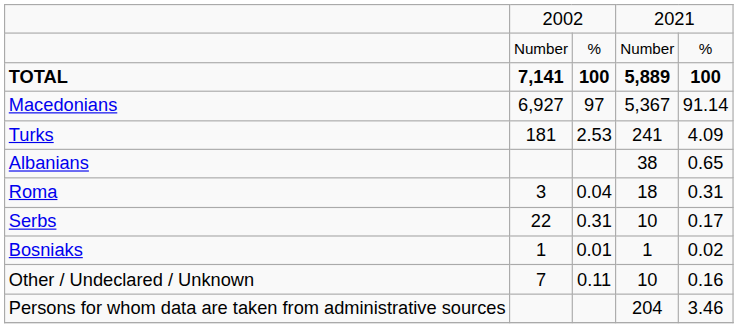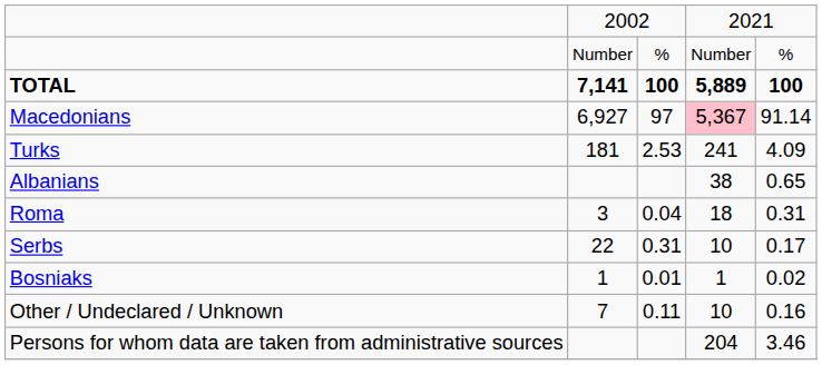 <table class="wikitable">
 <tr>
 <td></td>
 <td colspan="2" align="center">2002</td>
 <td colspan="2" align="center">2021</td>
 </tr>
 <tr>
 <td></td>
 <td align="center"><small>Number</small></td>
 <td align="center"><small>%</small></td>
 <td align="center"><small>Number</small></td>
 <td align="center"><small>%</small></td>
 </tr>
 <tr>
 <td><strong>TOTAL</strong></td>
 <td align="center"><strong>7,141</strong></td>
 <td align="center"><strong>100</strong></td>
 <td align="center"><strong>5,889</strong></td>
 <td align="center"><strong>100</strong></td>
 </tr>
 <tr>
 <td><a href='#'>Macedonians</a></td>
 <td align="center">6,927</td>
 <td align="center">97</td>
-<td align="center">5,367</td>
+<td align="center" style="background: pink;">5,367</td>
 <td align="center">91.14</td>
 </tr>
 <tr>
 <td><a href='#'>Turks</a></td>
 <td align="center">181</td>
 <td align="center">2.53</td>
 <td align="center">241</td>
 <td align="center">4.09</td>
 </tr>
 <tr>
 <td><a href='#'>Albanians</a></td>
 <td align="center"></td>
 <td align="center"></td>
 <td align="center">38</td>
 <td align="center">0.65</td>
 </tr>
 <tr>
 <td><a href='#'>Roma</a></td>
 <td align="center">3</td>
 <td align="center">0.04</td>
 <td align="center">18</td>
 <td align="center">0.31</td>
 </tr>
 <tr>
 <td><a href='#'>Serbs</a></td>
 <td align="center">22</td>
 <td align="center">0.31</td>
 <td align="center">10</td>
 <td align="center">0.17</td>
 </tr>
 <tr>
 <td><a href='#'>Bosniaks</a></td>
 <td align="center">1</td>
 <td align="center">0.01</td>
 <td align="center">1</td>
 <td align="center">0.02</td>
 </tr>
 <tr>
 <td>Other / Undeclared / Unknown</td>
 <td align="center">7</td>
 <td align="center">0.11</td>
 <td align="center">10</td>
 <td align="center">0.16</td>
 </tr>
 <tr>
 <td>Persons for whom data are taken from administrative sources</td>
 <td align="center"></td>
 <td align="center"></td>
 <td align="center">204</td>
 <td align="center">3.46</td>
 </tr>
 <tr>
 </tr>
 </table>
